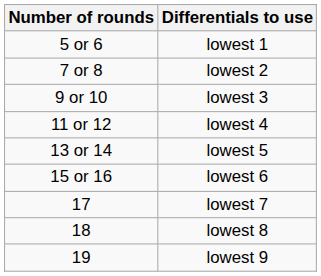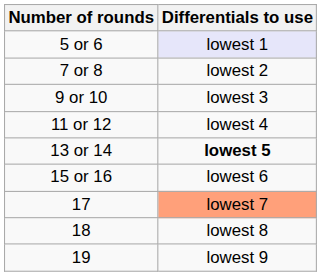 <table class="wikitable" style="float: center;">
 <tr>
 <th>Number of rounds</th>
 <th>Differentials to use</th>
 </tr>
 <tr>
 <td align="center">5 or 6</td>
-<td align="center">lowest 1</td>
+<td align="center" style="background: lavender;">lowest 1</td>
 </tr>
 <tr>
 <td align="center">7 or 8</td>
 <td align="center">lowest 2</td>
 </tr>
 <tr>
 <td align="center">9 or 10</td>
 <td align="center">lowest 3</td>
 </tr>
 <tr>
 <td align="center">11 or 12</td>
 <td align="center">lowest 4</td>
 </tr>
 <tr>
 <td align="center">13 or 14</td>
-<td align="center">lowest 5</td>
+<td align="center"><strong>lowest 5</strong></td>
 </tr>
 <tr>
 <td align="center">15 or 16</td>
 <td align="center">lowest 6</td>
 </tr>
 <tr>
 <td align="center">17</td>
-<td align="center">lowest 7</td>
+<td align="center" style="background: lightsalmon;">lowest 7</td>
 </tr>
 <tr>
 <td align="center">18</td>
 <td align="center">lowest 8</td>
 </tr>
 <tr>
 <td align="center">19</td>
 <td align="center">lowest 9</td>
 </tr>
 </table>
